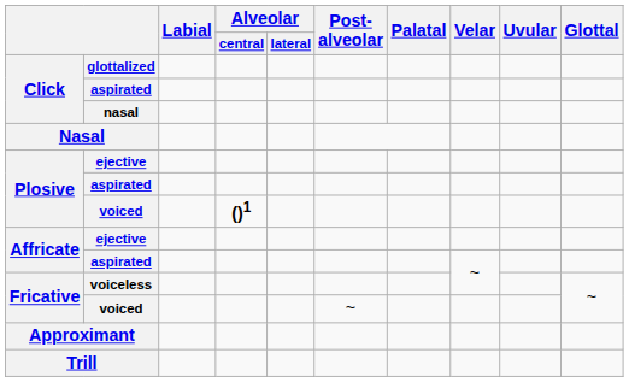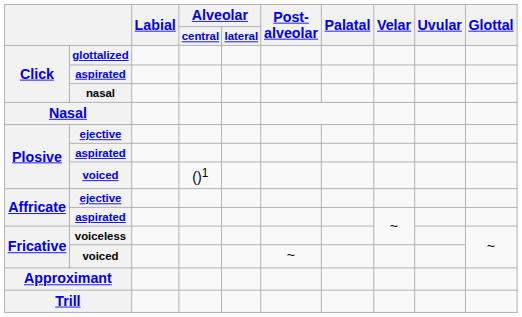 <table class="wikitable" style="text-align:center">
 <tr>
 <th rowspan="2" colspan="2"></th>
 <th rowspan="2"><a href='#'>Labial</a></th>
 <th colspan="2"><a href='#'>Alveolar</a></th>
 <th rowspan="2"><a href='#'>Post-<br>alveolar</a></th>
 <th rowspan="2"><a href='#'>Palatal</a></th>
 <th rowspan="2"><a href='#'>Velar</a></th>
 <th rowspan="2"><a href='#'>Uvular</a></th>
 <th rowspan="2"><a href='#'>Glottal</a></th>
 </tr>
 <tr>
 <th style="font-size:80%"><a href='#'>central</a></th>
 <th style="font-size:80%"><a href='#'>lateral</a></th>
 </tr>
 <tr>
 <th rowspan="3"><a href='#'>Click</a></th>
 <th style="font-size:80%"><a href='#'>glottalized</a></th>
 <td></td>
 <td></td>
 <td></td>
 <td></td>
 <td></td>
 <td></td>
 <td></td>
 <td></td>
 </tr>
 <tr>
 <th style="font-size:80%"><a href='#'>aspirated</a></th>
 <td></td>
 <td></td>
 <td></td>
 <td></td>
 <td></td>
 <td></td>
 <td></td>
 <td></td>
 </tr>
 <tr>
 <th style="font-size:80%">nasal</th>
 <td></td>
 <td></td>
 <td></td>
 <td></td>
 <td></td>
 <td></td>
 <td></td>
 <td></td>
 </tr>
 <tr>
 <th colspan="2"><a href='#'>Nasal</a></th>
 <td></td>
 <td></td>
 <td></td>
 <td colspan=2></td>
 <td></td>
 <td></td>
 <td></td>
 </tr>
 <tr>
 <th rowspan="3"><a href='#'>Plosive</a></th>
 <th style="font-size:80%"><a href='#'>ejective</a></th>
 <td></td>
 <td></td>
 <td></td>
 <td></td>
 <td></td>
 <td></td>
 <td></td>
 <td></td>
 </tr>
 <tr>
 <th style="font-size:80%"><a href='#'>aspirated</a></th>
 <td></td>
 <td></td>
 <td></td>
 <td></td>
 <td></td>
 <td></td>
 <td></td>
 <td></td>
 </tr>
 <tr>
 <th style="font-size:80%"><a href='#'>voiced</a></th>
 <td></td>
-<td><strong>()<sup>1</sup></strong></td>
+<td>()<sup>1</sup></td>
 <td></td>
 <td></td>
 <td></td>
 <td></td>
 <td></td>
 <td></td>
 </tr>
 <tr>
 <th rowspan="2"><a href='#'>Affricate</a></th>
 <th style="font-size:80%"><a href='#'>ejective</a></th>
 <td></td>
 <td></td>
 <td></td>
 <td></td>
 <td></td>
 <td></td>
 <td></td>
 <td></td>
 </tr>
 <tr>
 <th style="font-size:80%"><a href='#'>aspirated</a></th>
 <td></td>
 <td></td>
 <td></td>
 <td></td>
 <td></td>
 <td rowspan="2"> ~ </td>
 <td></td>
 <td></td>
 </tr>
 <tr>
 <th rowspan="2"><a href='#'>Fricative</a></th>
 <th style="font-size:80%">voiceless</th>
 <td></td>
 <td></td>
 <td></td>
 <td></td>
 <td></td>
 <td></td>
 <td rowspan="2"> ~ </td>
 </tr>
 <tr>
 <th style="font-size:80%">voiced</th>
 <td></td>
 <td></td>
 <td></td>
 <td> ~ </td>
 <td></td>
 <td></td>
 <td></td>
 </tr>
 <tr>
 <th colspan="2"><a href='#'>Approximant</a></th>
 <td></td>
 <td></td>
 <td></td>
 <td></td>
 <td></td>
 <td></td>
 <td></td>
 <td></td>
 </tr>
 <tr>
 <th colspan="2"><a href='#'>Trill</a></th>
 <td></td>
 <td></td>
 <td></td>
 <td></td>
 <td></td>
 <td></td>
 <td></td>
 <td></td>
 </tr>
 </table>
